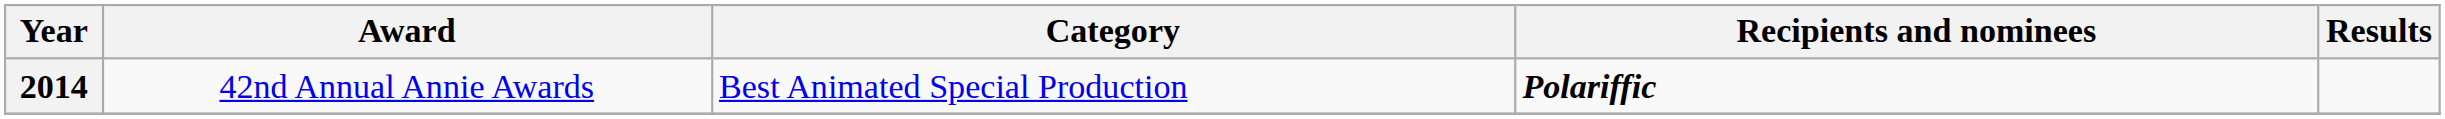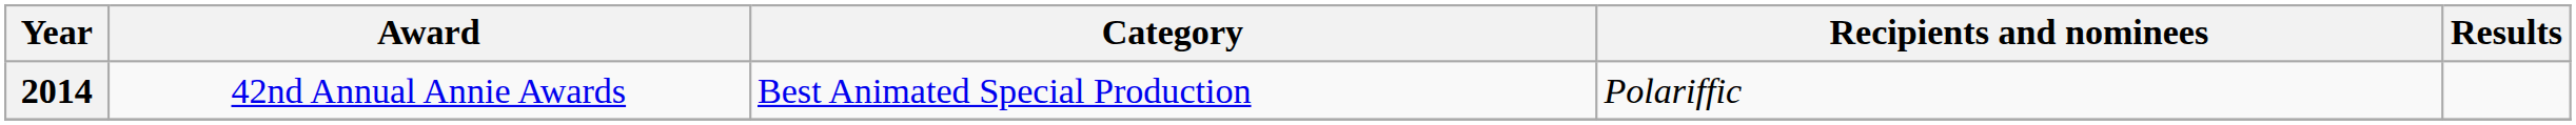 <table class="wikitable plainrowheaders">
 <tr>
 <th scope="col" style="width:4%;">Year</th>
 <th scope="col" style="width:25%;">Award</th>
 <th scope="col" style="width:33%;">Category</th>
 <th scope="col" style="width:33%;">Recipients and nominees</th>
 <th scope="col" style="width:5%;">Results</th>
 </tr>
 <tr>
 <th style="text-align:center;">2014</th>
 <td style="text-align:center;"><a href='#'>42nd Annual Annie Awards</a></td>
 <td><a href='#'>Best Animated Special Production</a></td>
-<td><strong><em>Polariffic</em></strong></td>
+<td><em>Polariffic</em></td>
 <td></td>
 </tr>
 <tr>
 </tr>
 </table>
